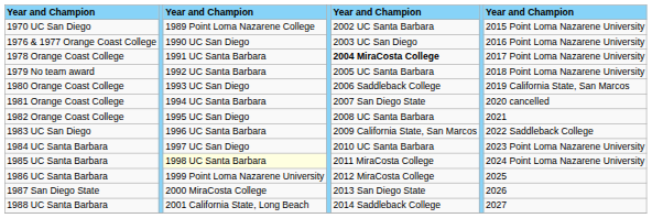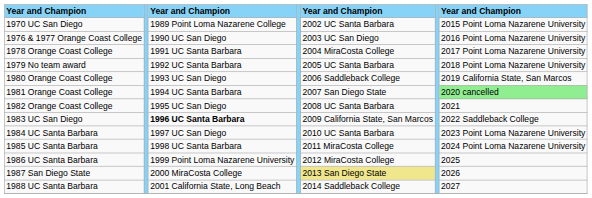 <table class="wikitable" style="font-size:85%;">
 <tr ! style="background-color: #87D3F8;">
 <td><strong>Year and Champion</strong></td>
 <td rowspan=14></td>
 <td><strong>Year and Champion</strong></td>
 <td rowspan=14></td>
 <td><strong>Year and Champion</strong></td>
 <td rowspan=14></td>
 <td><strong>Year and Champion</strong></td>
 </tr>
 <tr --->
 <td>1970 UC San Diego</td>
 <td>1989 Point Loma Nazarene College</td>
 <td>2002 UC Santa Barbara</td>
 <td>2015 Point Loma Nazarene University</td>
 </tr>
 <tr --->
 <td>1976 & 1977 Orange Coast College</td>
 <td>1990 UC San Diego</td>
 <td>2003 UC San Diego</td>
 <td>2016 Point Loma Nazarene University</td>
 </tr>
 <tr --->
 <td>1978 Orange Coast College</td>
 <td>1991 UC Santa Barbara</td>
-<td><strong>2004 MiraCosta College</strong></td>
+<td>2004 MiraCosta College</td>
 <td>2017 Point Loma Nazarene University</td>
 </tr>
 <tr --->
 <td>1979 No team award</td>
 <td>1992 UC Santa Barbara</td>
 <td>2005 UC Santa Barbara</td>
 <td>2018 Point Loma Nazarene University</td>
 </tr>
 <tr --->
 <td>1980 Orange Coast College</td>
 <td>1993 UC San Diego</td>
 <td>2006 Saddleback College</td>
 <td>2019 California State, San Marcos</td>
 </tr>
 <tr --->
 <td>1981 Orange Coast College</td>
 <td>1994 UC Santa Barbara</td>
 <td>2007 San Diego State</td>
-<td>2020 cancelled</td>
+<td style="background: lightgreen;">2020 cancelled</td>
 </tr>
 <tr --->
 <td>1982 Orange Coast College</td>
 <td>1995 UC San Diego</td>
 <td>2008 UC Santa Barbara</td>
 <td>2021</td>
 </tr>
 <tr --->
 <td>1983 UC San Diego</td>
-<td>1996 UC Santa Barbara</td>
+<td><strong>1996 UC Santa Barbara</strong></td>
 <td>2009 California State, San Marcos</td>
 <td>2022 Saddleback College</td>
 </tr>
 <tr --->
 <td>1984 UC Santa Barbara</td>
 <td>1997 UC San Diego</td>
 <td>2010 UC Santa Barbara</td>
 <td>2023 Point Loma Nazarene University</td>
 </tr>
 <tr --->
 <td>1985 UC Santa Barbara</td>
-<td style="background: lightyellow;">1998 UC Santa Barbara</td>
+<td>1998 UC Santa Barbara</td>
 <td>2011 MiraCosta College</td>
 <td>2024 Point Loma Nazarene University</td>
 </tr>
 <tr --->
 <td>1986 UC Santa Barbara</td>
 <td>1999 Point Loma Nazarene University</td>
 <td>2012 MiraCosta College</td>
 <td>2025</td>
 </tr>
 <tr --->
 <td>1987 San Diego State</td>
 <td>2000 MiraCosta College</td>
-<td>2013 San Diego State</td>
+<td style="background: khaki;">2013 San Diego State</td>
 <td>2026</td>
 </tr>
 <tr --->
 <td>1988 UC Santa Barbara</td>
 <td>2001 California State, Long Beach</td>
 <td>2014 Saddleback College</td>
 <td>2027</td>
 </tr>
 <tr --->
 </tr>
 </table>
